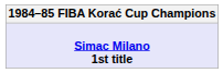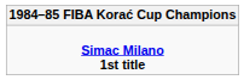 <table class=wikitable style="text-align:center; margin:auto">
 <tr>
 <th>1984–85 FIBA Korać Cup Champions</th>
 </tr>
 <tr>
-<td style="background: lavender;"><br> <strong><a href='#'>Simac Milano</a></strong> <br> <strong>1st title</strong></td>
+<td><br> <strong><a href='#'>Simac Milano</a></strong> <br> <strong>1st title</strong></td>
 </tr>
 </table>
